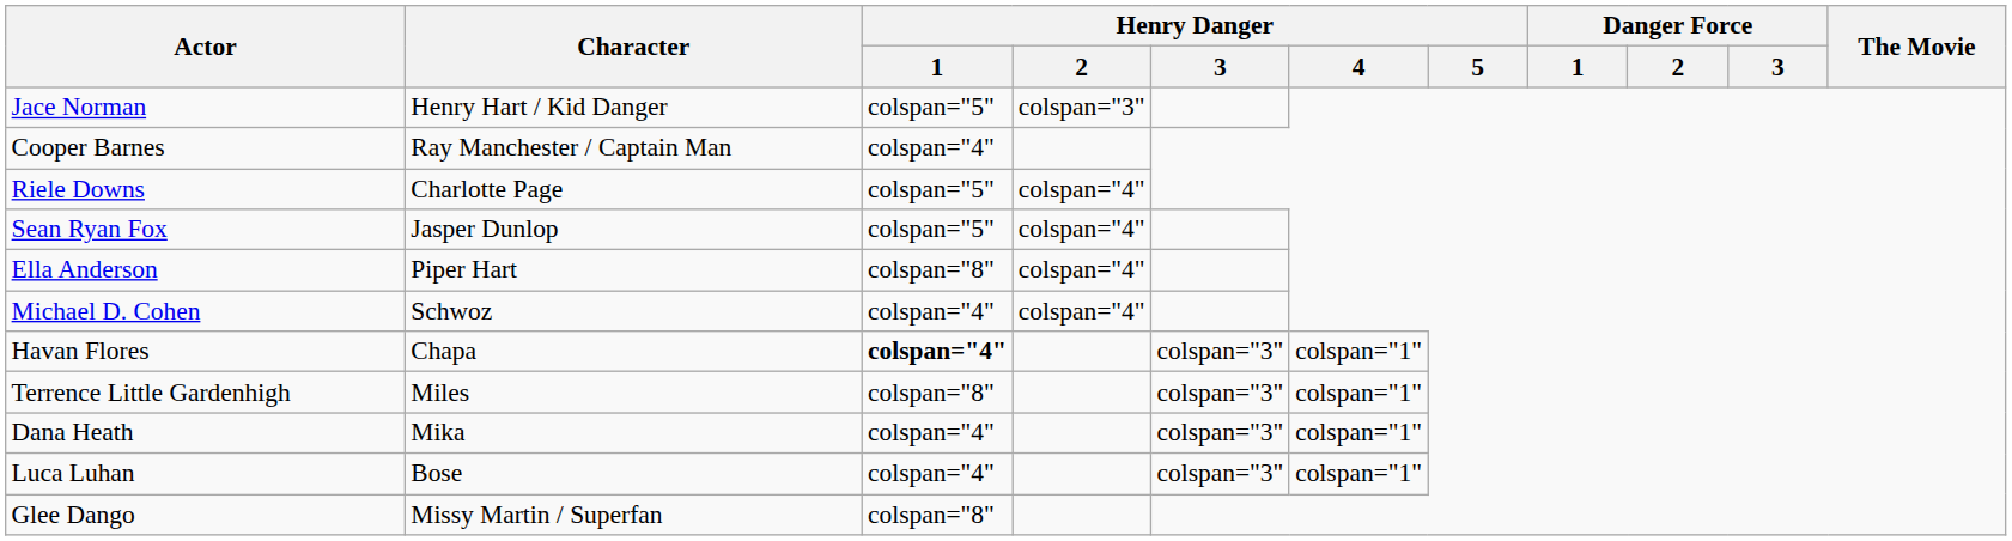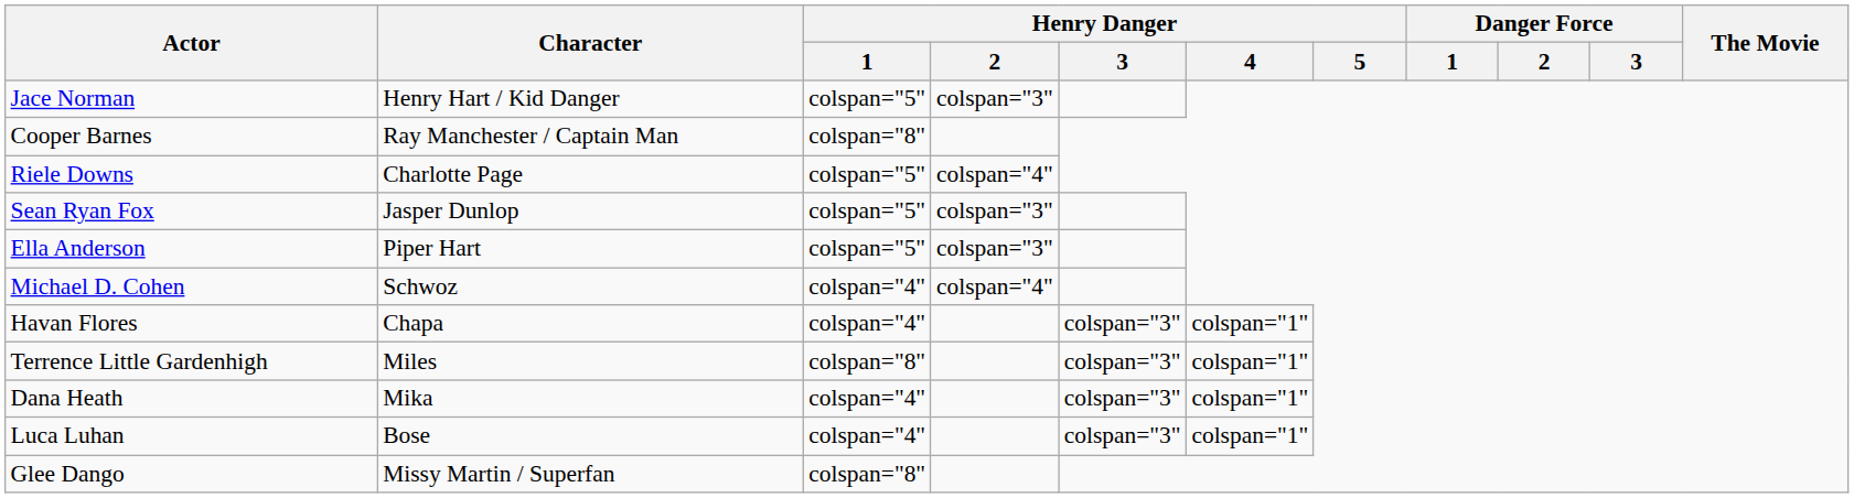 <table class="wikitable">
 <tr>
 <th rowspan="2">Actor</th>
 <th rowspan="2">Character</th>
 <th colspan="5">Henry Danger</th>
 <th colspan="3">Danger Force</th>
 <th rowspan="2">The Movie</th>
 </tr>
 <tr>
 <th style="width:5%;">1</th>
 <th style="width:5%;">2</th>
 <th style="width:5%;">3</th>
 <th style="width:5%;">4</th>
 <th style="width:5%;">5</th>
 <th style="width:5%;">1</th>
 <th style="width:5%;">2</th>
 <th style="width:5%;">3</th>
 </tr>
 <tr>
 <td><a href='#'>Jace Norman</a></td>
 <td>Henry Hart / Kid Danger</td>
 <td>colspan="5" </td>
 <td>colspan="3" </td>
 <td></td>
 </tr>
 <tr>
 <td>Cooper Barnes</td>
 <td>Ray Manchester / Captain Man</td>
-<td>colspan="4" </td>
+<td>colspan="8" </td>
 <td></td>
 </tr>
 <tr>
 <td><a href='#'>Riele Downs</a></td>
 <td>Charlotte Page</td>
 <td>colspan="5" </td>
 <td>colspan="4" </td>
 </tr>
 <tr>
 <td><a href='#'>Sean Ryan Fox</a></td>
 <td>Jasper Dunlop</td>
 <td>colspan="5" </td>
-<td>colspan="4" </td>
+<td>colspan="3" </td>
 <td></td>
 </tr>
 <tr>
 <td><a href='#'>Ella Anderson</a></td>
 <td>Piper Hart</td>
-<td>colspan="8" </td>
-<td>colspan="4" </td>
+<td>colspan="5" </td>
+<td>colspan="3" </td>
 <td></td>
 </tr>
 <tr>
 <td><a href='#'>Michael D. Cohen</a></td>
 <td>Schwoz</td>
 <td>colspan="4" </td>
 <td>colspan="4" </td>
 <td></td>
 </tr>
 <tr>
 <td>Havan Flores</td>
 <td>Chapa</td>
-<td><strong>colspan="4" </strong></td>
+<td>colspan="4" </td>
 <td></td>
 <td>colspan="3" </td>
 <td>colspan="1" </td>
 </tr>
 <tr>
 <td>Terrence Little Gardenhigh</td>
 <td>Miles</td>
 <td>colspan="8" </td>
 <td></td>
 <td>colspan="3" </td>
 <td>colspan="1" </td>
 </tr>
 <tr>
 <td>Dana Heath</td>
 <td>Mika</td>
 <td>colspan="4" </td>
 <td></td>
 <td>colspan="3" </td>
 <td>colspan="1" </td>
 </tr>
 <tr>
 <td>Luca Luhan</td>
 <td>Bose</td>
 <td>colspan="4" </td>
 <td></td>
 <td>colspan="3" </td>
 <td>colspan="1" </td>
 </tr>
 <tr>
 <td>Glee Dango</td>
 <td>Missy Martin / Superfan</td>
 <td>colspan="8" </td>
 <td></td>
 </tr>
 </table>
